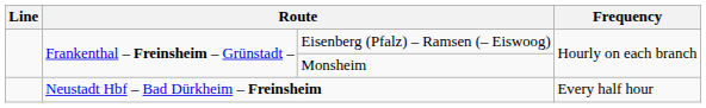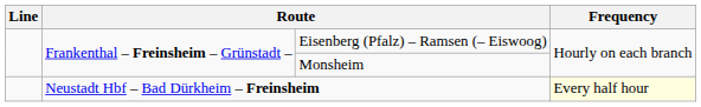 <table class="wikitable">
 <tr>
 <th>Line</th>
 <th colspan="2">Route</th>
 <th>Frequency</th>
 </tr>
 <tr>
 <td rowspan="2"></td>
 <td rowspan="2"><a href='#'>Frankenthal</a> – <strong>Freinsheim</strong> – <a href='#'>Grünstadt</a> –</td>
 <td>Eisenberg (Pfalz) – Ramsen (– Eiswoog)</td>
 <td rowspan="2">Hourly on each branch</td>
 </tr>
 <tr>
 <td>Monsheim</td>
 </tr>
 <tr>
 <td></td>
 <td colspan="2"><a href='#'>Neustadt Hbf</a> – <a href='#'>Bad Dürkheim</a> – <strong>Freinsheim</strong></td>
-<td>Every half hour</td>
+<td style="background: lightyellow;">Every half hour</td>
 </tr>
 </table>
